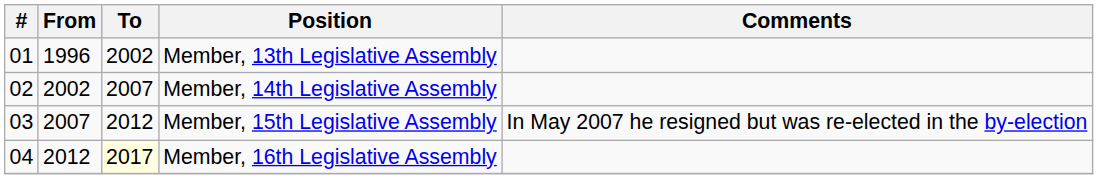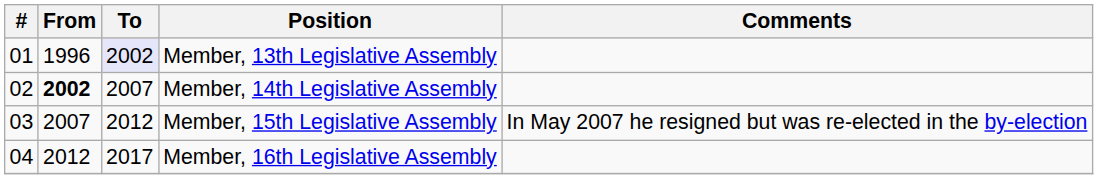 <table class="wikitable  sortable">
 <tr>
 <th>#</th>
 <th>From</th>
 <th>To</th>
 <th>Position</th>
 <th>Comments</th>
 </tr>
 <tr>
 <td>01</td>
 <td>1996</td>
-<td>2002</td>
+<td style="background: lavender;">2002</td>
 <td>Member, <a href='#'>13th Legislative  Assembly</a></td>
 <td></td>
 </tr>
 <tr>
 <td>02</td>
-<td>2002</td>
+<td><strong>2002</strong></td>
 <td>2007</td>
 <td>Member, <a href='#'>14th Legislative  Assembly</a></td>
 <td></td>
 </tr>
 <tr>
 <td>03</td>
 <td>2007</td>
 <td>2012</td>
 <td>Member, <a href='#'>15th Legislative  Assembly</a></td>
 <td>In May 2007 he resigned but was re-elected in the <a href='#'>by-election</a></td>
 </tr>
 <tr>
 <td>04</td>
 <td>2012</td>
-<td style="background: lightyellow;">2017</td>
+<td>2017</td>
 <td>Member, <a href='#'>16th Legislative  Assembly</a></td>
 <td></td>
 </tr>
 <tr>
 </tr>
 </table>
